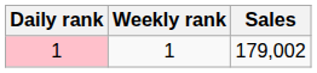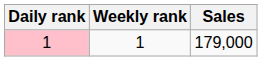 <table class="wikitable">
 <tr>
 <th>Daily rank</th>
 <th>Weekly rank</th>
 <th>Sales</th>
 </tr>
 <tr>
 <td align="center" style="background: pink;">1</td>
 <td align="center">1</td>
-<td>179,002</td>
+<td>179,000</td>
 </tr>
 </table>
